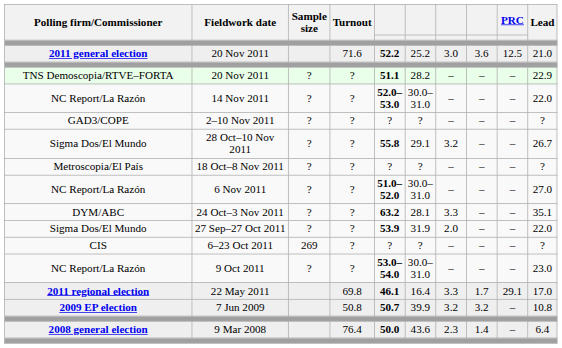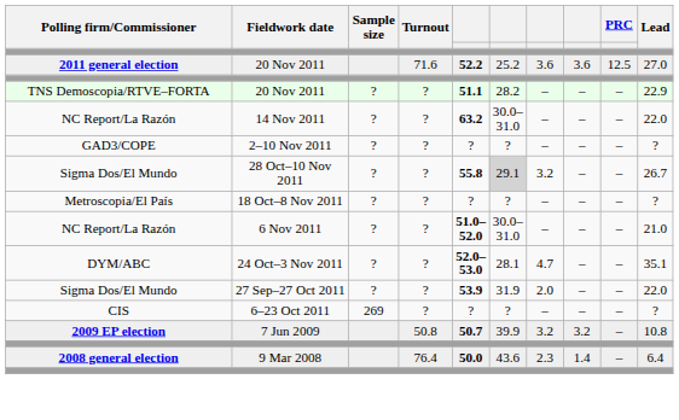 <table class="wikitable collapsible collapsed" style="text-align:center; font-size:95%; line-height:16px;">
 <tr style="height:42px;">
 <th style="width:250px;" rowspan="2">Polling firm/Commissioner</th>
 <th style="width:125px;" rowspan="2">Fieldwork date</th>
 <th style="width:50px;" rowspan="2">Sample size</th>
 <th style="width:45px;" rowspan="2">Turnout</th>
 <th style="width:35px;"></th>
 <th style="width:35px;"></th>
 <th style="width:35px;"></th>
 <th style="width:35px;"></th>
 <th style="width:35px;"><a href='#'>PRC</a></th>
 <th style="width:30px;" rowspan="2">Lead</th>
 </tr>
 <tr>
 <th style="color:inherit;background:"></th>
 <th style="color:inherit;background:"></th>
 <th style="color:inherit;background:"></th>
 <th style="color:inherit;background:"></th>
 <th style="color:inherit;background:"></th>
 </tr>
 <tr>
 <td colspan="10" style="background:#A0A0A0"></td>
 </tr>
 <tr style="background:#EFEFEF;">
 <td><strong><a href='#'>2011 general election</a></strong></td>
 <td>20 Nov 2011</td>
 <td></td>
 <td>71.6</td>
 <td><strong>52.2</strong><br></td>
 <td>25.2<br></td>
-<td>3.0<br></td>
+<td>3.6<br></td>
 <td>3.6<br></td>
 <td>12.5<br></td>
-<td style="background:">21.0</td>
+<td style="background:">27.0</td>
 </tr>
 <tr>
 <td colspan="10" style="background:#A0A0A0"></td>
 </tr>
 <tr style="background:#EAFFEA;">
 <td>TNS Demoscopia/RTVE–FORTA</td>
 <td>20 Nov 2011</td>
 <td>?</td>
 <td>?</td>
 <td><strong>51.1</strong><br></td>
 <td>28.2<br></td>
 <td>–</td>
 <td>–</td>
 <td>–</td>
 <td style="background:">22.9</td>
 </tr>
 <tr>
 <td>NC Report/La Razón</td>
 <td>14 Nov 2011</td>
 <td>?</td>
 <td>?</td>
-<td><strong>52.0–<br>53.0</strong><br></td>
+<td><strong>63.2</strong><br></td>
 <td>30.0–<br>31.0<br></td>
 <td>–</td>
 <td>–</td>
 <td>–</td>
 <td style="background:">22.0</td>
 </tr>
 <tr>
 <td>GAD3/COPE</td>
 <td>2–10 Nov 2011</td>
 <td>?</td>
 <td>?</td>
 <td>?<br></td>
 <td>?<br></td>
 <td>–</td>
 <td>–</td>
 <td>–</td>
 <td style="background:">?</td>
 </tr>
 <tr>
 <td>Sigma Dos/El Mundo</td>
 <td>28 Oct–10 Nov 2011</td>
 <td>?</td>
 <td>?</td>
 <td><strong>55.8</strong><br></td>
-<td>29.1<br></td>
+<td style="background: lightgrey;">29.1<br></td>
 <td>3.2<br></td>
 <td>–</td>
 <td>–</td>
 <td style="background:">26.7</td>
 </tr>
 <tr>
 <td>Metroscopia/El País</td>
 <td>18 Oct–8 Nov 2011</td>
 <td>?</td>
 <td>?</td>
 <td>?<br></td>
 <td>?<br></td>
 <td>–</td>
 <td>–</td>
 <td>–</td>
 <td style="background:">?</td>
 </tr>
 <tr>
 <td>NC Report/La Razón</td>
 <td>6 Nov 2011</td>
 <td>?</td>
 <td>?</td>
 <td><strong>51.0–<br>52.0</strong><br></td>
 <td>30.0–<br>31.0<br></td>
 <td>–</td>
 <td>–</td>
 <td>–</td>
-<td style="background:">27.0</td>
+<td style="background:">21.0</td>
 </tr>
 <tr>
 <td>DYM/ABC</td>
 <td>24 Oct–3 Nov 2011</td>
 <td>?</td>
 <td>?</td>
-<td><strong>63.2</strong><br></td>
+<td><strong>52.0–<br>53.0</strong><br></td>
 <td>28.1<br></td>
-<td>3.3<br></td>
+<td>4.7<br></td>
 <td>–</td>
 <td>–</td>
 <td style="background:">35.1</td>
 </tr>
 <tr>
 <td>Sigma Dos/El Mundo</td>
 <td>27 Sep–27 Oct 2011</td>
 <td>?</td>
 <td>?</td>
 <td><strong>53.9</strong><br></td>
 <td>31.9<br></td>
 <td>2.0<br></td>
 <td>–</td>
 <td>–</td>
 <td style="background:">22.0</td>
 </tr>
 <tr>
 <td>CIS</td>
 <td>6–23 Oct 2011</td>
 <td>269</td>
 <td>?</td>
 <td>?<br></td>
 <td>?<br></td>
 <td>–</td>
 <td>–</td>
 <td>–</td>
 <td style="background:">?</td>
-</tr>
-<tr>
-<td>NC Report/La Razón</td>
-<td>9 Oct 2011</td>
-<td>?</td>
-<td>?</td>
-<td><strong>53.0–<br>54.0</strong><br></td>
-<td>30.0–<br>31.0<br></td>
-<td>–</td>
-<td>–</td>
-<td>–</td>
-<td style="background:">23.0</td>
-</tr>
-<tr style="background:#EFEFEF;">
-<td><strong><a href='#'>2011 regional election</a></strong></td>
-<td>22 May 2011</td>
-<td></td>
-<td>69.8</td>
-<td><strong>46.1</strong><br></td>
-<td>16.4<br></td>
-<td>3.3<br></td>
-<td>1.7<br></td>
-<td>29.1<br></td>
-<td style="background:">17.0</td>
 </tr>
 <tr style="background:#EFEFEF;">
 <td><strong><a href='#'>2009 EP election</a></strong></td>
 <td>7 Jun 2009</td>
 <td></td>
 <td>50.8</td>
 <td><strong>50.7</strong><br></td>
 <td>39.9<br></td>
 <td>3.2<br></td>
 <td>3.2<br></td>
 <td>–</td>
 <td style="background:">10.8</td>
 </tr>
 <tr>
 <td colspan="10" style="background:#A0A0A0"></td>
 </tr>
 <tr style="background:#EFEFEF;">
 <td><strong><a href='#'>2008 general election</a></strong></td>
 <td>9 Mar 2008</td>
 <td></td>
 <td>76.4</td>
 <td><strong>50.0</strong><br></td>
 <td>43.6<br></td>
 <td>2.3<br></td>
 <td>1.4<br></td>
 <td>–</td>
 <td style="background:">6.4</td>
 </tr>
 <tr>
 <td colspan="10" style="background:#A0A0A0"></td>
 </tr>
 </table>
